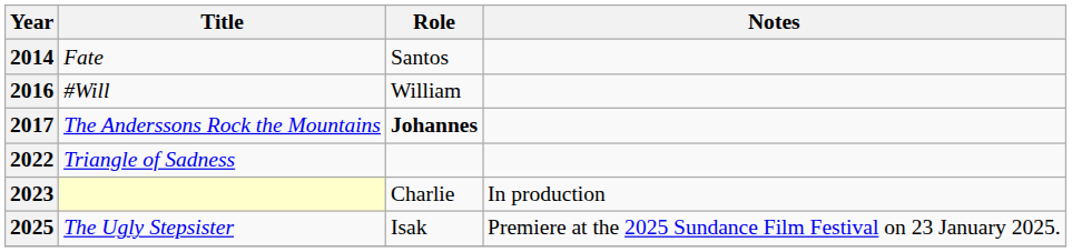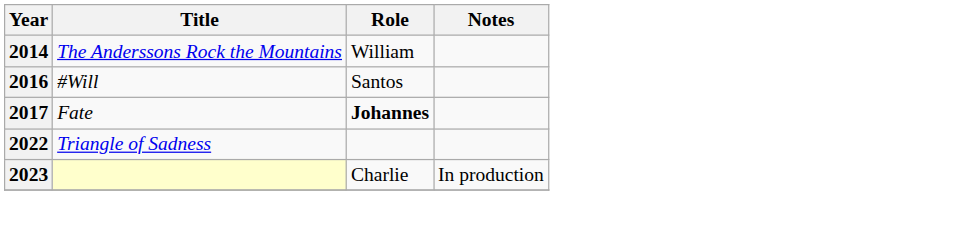 <table class="wikitable plainrowheaders sortable">
 <tr>
 <th scope="col">Year</th>
 <th scope="col">Title</th>
 <th scope="col" class="unsortable">Role</th>
 <th scope="col" class="unsortable">Notes</th>
 </tr>
 <tr>
 <th scope="row">2014</th>
-<td><em>Fate</em></td>
-<td>Santos</td>
+<td data-sort-value="Anderssons Rock The Mountains, The"><em><a href='#'>The Anderssons Rock the Mountains</a></em></td>
+<td>William</td>
 <td></td>
 </tr>
 <tr>
 <th scope="row">2016</th>
 <td><em>#Will</em></td>
-<td>William</td>
+<td>Santos</td>
 <td></td>
 </tr>
 <tr>
 <th scope="row">2017</th>
-<td data-sort-value="Anderssons Rock The Mountains, The"><em><a href='#'>The Anderssons Rock the Mountains</a></em></td>
+<td><em>Fate</em></td>
 <td><strong>Johannes</strong></td>
 <td></td>
 </tr>
 <tr>
 <th scope="row">2022</th>
 <td><em><a href='#'>Triangle of Sadness</a></em></td>
 <td></td>
 <td></td>
 </tr>
 <tr>
 <th scope="row">2023</th>
 <td style="background:#ffc" data-sort-value="Sista Race, Ett"> </td>
 <td>Charlie</td>
 <td>In production</td>
 </tr>
 <tr>
-<th scope="row">2025</th>
-<td><em><a href='#'>The Ugly Stepsister</a></em></td>
-<td>Isak</td>
-<td>Premiere at the <a href='#'>2025 Sundance Film Festival</a> on 23 January 2025.</td>
-</tr>
-<tr>
 </tr>
 </table>
